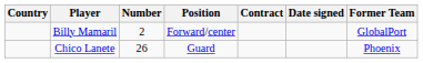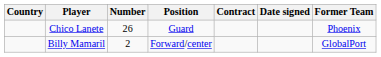 <table class="wikitable sortable sortable">
 <tr>
 <th>Country</th>
 <th>Player</th>
 <th>Number</th>
 <th>Position</th>
 <th>Contract</th>
 <th>Date signed</th>
 <th>Former Team</th>
 </tr>
 <tr>
 <td align=center></td>
+<td align=center><a href='#'>Chico Lanete</a></td>
+<td align=center>26</td>
+<td align=center><a href='#'>Guard</a></td>
+<td></td>
+<td></td>
+<td align=center><a href='#'>Phoenix</a></td>
+</tr>
+<tr>
+<td align=center></td>
 <td align=center><a href='#'>Billy Mamaril</a></td>
 <td align=center>2</td>
 <td align=center><a href='#'>Forward</a>/<a href='#'>center</a></td>
 <td></td>
 <td></td>
 <td align=center><a href='#'>GlobalPort</a></td>
 </tr>
-<tr>
-<td align=center></td>
-<td align=center><a href='#'>Chico Lanete</a></td>
-<td align=center>26</td>
-<td align=center><a href='#'>Guard</a></td>
-<td></td>
-<td></td>
-<td align=center><a href='#'>Phoenix</a></td>
-</tr>
 </table>
